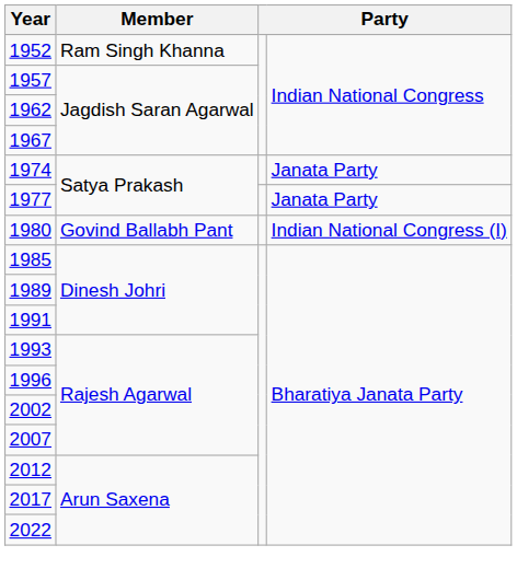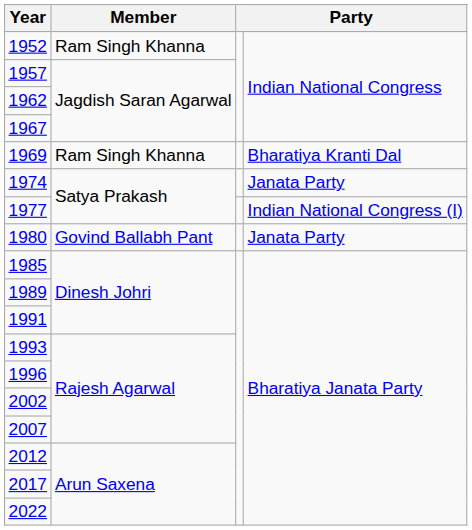 <table class="wikitable">
 <tr>
 <th>Year</th>
 <th>Member</th>
 <th colspan="2">Party</th>
 </tr>
 <tr>
 <td><a href='#'>1952</a></td>
 <td>Ram Singh Khanna</td>
 <td rowspan="4" style="background-color: "></td>
 <td rowspan="4"><a href='#'>Indian National Congress</a></td>
 </tr>
 <tr>
 <td><a href='#'>1957</a></td>
 <td rowspan="3">Jagdish Saran Agarwal</td>
 </tr>
 <tr>
 <td><a href='#'>1962</a></td>
 </tr>
 <tr>
 <td><a href='#'>1967</a></td>
 </tr>
 <tr>
+<td><a href='#'>1969</a></td>
+<td>Ram Singh Khanna</td>
+<td style="background-color: "></td>
+<td><a href='#'>Bharatiya Kranti Dal</a></td>
+</tr>
+<tr>
 <td><a href='#'>1974</a></td>
 <td rowspan="2">Satya Prakash</td>
 <td style="background-color: "></td>
 <td><a href='#'>Janata Party</a></td>
 </tr>
 <tr>
 <td><a href='#'>1977</a></td>
 <td style="background-color: "></td>
-<td><a href='#'>Janata Party</a></td>
+<td><a href='#'>Indian National Congress (I)</a></td>
 </tr>
 <tr>
 <td><a href='#'>1980</a></td>
 <td><a href='#'>Govind Ballabh Pant</a></td>
 <td style="background-color: "></td>
-<td><a href='#'>Indian National Congress (I)</a></td>
+<td><a href='#'>Janata Party</a></td>
 </tr>
 <tr>
 <td><a href='#'>1985</a></td>
 <td rowspan="3"><a href='#'>Dinesh Johri</a></td>
 <td rowspan="10" style="background-color: "></td>
 <td rowspan="10"><a href='#'>Bharatiya Janata Party</a></td>
 </tr>
 <tr>
 <td><a href='#'>1989</a></td>
 </tr>
 <tr>
 <td><a href='#'>1991</a></td>
 </tr>
 <tr>
 <td><a href='#'>1993</a></td>
 <td rowspan="4"><a href='#'>Rajesh Agarwal</a></td>
 </tr>
 <tr>
 <td><a href='#'>1996</a></td>
 </tr>
 <tr>
 <td><a href='#'>2002</a></td>
 </tr>
 <tr>
 <td><a href='#'>2007</a></td>
 </tr>
 <tr>
 <td><a href='#'>2012</a></td>
 <td rowspan="3"><a href='#'>Arun Saxena</a></td>
 </tr>
 <tr>
 <td><a href='#'>2017</a></td>
 </tr>
 <tr>
 <td><a href='#'>2022</a></td>
 </tr>
 </table>
